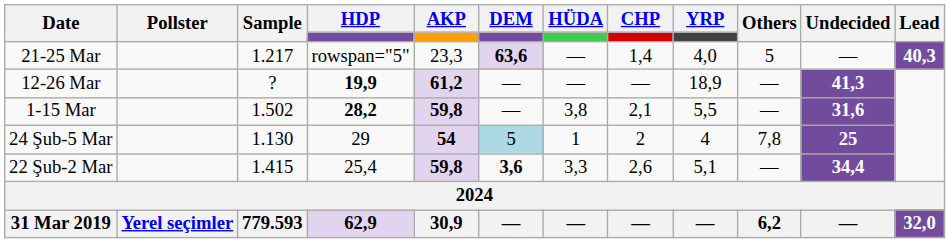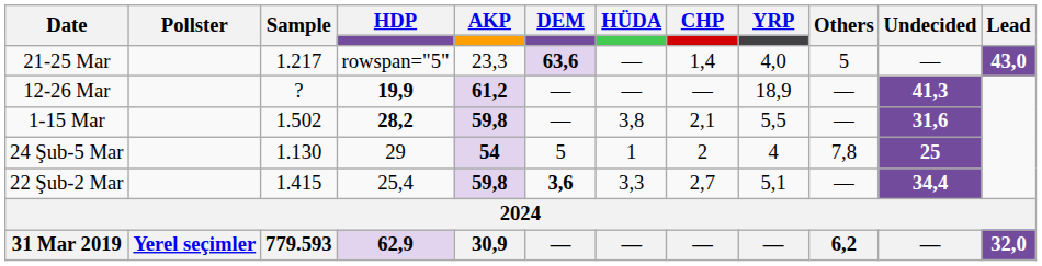 <table class="wikitable mw-collapsible" style="text-align:center; font-size:85%; line-height:14px;">
 <tr>
 <th rowspan="2">Date</th>
 <th rowspan="2">Pollster</th>
 <th rowspan="2">Sample</th>
 <th style="width:3em;"><a href='#'>HDP</a></th>
 <th style="width:3em;"><a href='#'>AKP</a></th>
 <th style="width:3em;"><a href='#'>DEM</a></th>
 <th style="width:3em;"><a href='#'>HÜDA</a></th>
 <th style="width:3em;"><a href='#'>CHP</a></th>
 <th style="width:3em;"><a href='#'>YRP</a></th>
 <th rowspan="2">Others</th>
 <th rowspan="2">Undecided</th>
 <th rowspan="2">Lead</th>
 </tr>
 <tr>
 <th style="background:#734B9C;"></th>
 <th style="background:#fda000;"></th>
 <th style="background:#734B9C;"></th>
 <th style="background:#42CA51;"></th>
 <th style="background:#d40000;"></th>
 <th style="background:#414042;"></th>
 </tr>
 <tr>
 <td>21-25 Mar</td>
 <td></td>
 <td>1.217</td>
 <td>rowspan="5" </td>
 <td>23,3</td>
 <td style="background:#E2D3EE"><strong>63,6</strong></td>
 <td>—</td>
 <td>1,4</td>
 <td>4,0</td>
 <td>5</td>
 <td>—</td>
-<th style="background:#734B9C; color:white;">40,3</th>
+<th style="background:#734B9C; color:white;">43,0</th>
 </tr>
 <tr>
 <td>12-26 Mar</td>
 <td></td>
 <td>?</td>
 <td><strong>19,9</strong></td>
 <td style="background:#E2D3EE"><strong>61,2</strong></td>
 <td>—</td>
 <td>—</td>
 <td>—</td>
 <td>18,9</td>
 <td>—</td>
 <th style="background:#734B9C; color:white;">41,3</th>
 </tr>
 <tr>
 <td>1-15 Mar</td>
 <td></td>
 <td>1.502</td>
 <td><strong>28,2</strong></td>
 <td style="background:#E2D3EE"><strong>59,8</strong></td>
 <td>—</td>
 <td>3,8</td>
 <td>2,1</td>
 <td>5,5</td>
 <td>—</td>
 <th style="background:#734B9C; color:white;">31,6</th>
 </tr>
 <tr>
 <td>24 Şub-5 Mar</td>
 <td></td>
 <td>1.130</td>
 <td>29</td>
 <td style="background:#E2D3EE"><strong>54</strong></td>
-<td style="background: lightblue;">5</td>
+<td>5</td>
 <td>1</td>
 <td>2</td>
 <td>4</td>
 <td>7,8</td>
 <th style="background:#734B9C; color:white;">25</th>
 </tr>
 <tr>
 <td>22 Şub-2 Mar</td>
 <td></td>
 <td>1.415</td>
 <td>25,4</td>
 <td style="background:#E2D3EE"><strong>59,8</strong></td>
 <td><strong>3,6</strong></td>
 <td>3,3</td>
-<td>2,6</td>
+<td>2,7</td>
 <td>5,1</td>
 <td>—</td>
 <th style="background:#734B9C; color:white;">34,4</th>
 </tr>
 <tr>
 <th colspan="12">2024</th>
 </tr>
 <tr>
 <th>31 Mar 2019</th>
 <th><a href='#'>Yerel seçimler</a></th>
 <th>779.593</th>
 <th style="background:#E2D3EE">62,9</th>
 <th>30,9</th>
 <th>—</th>
 <th>—</th>
 <th>—</th>
 <th>—</th>
 <th>6,2</th>
 <th>—</th>
 <th style="background:#734B9C; color:white;">32,0</th>
 </tr>
 </table>
